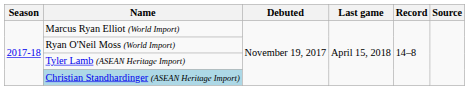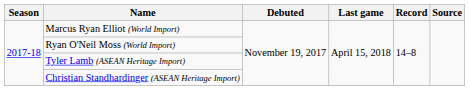 <table class="wikitable">
 <tr>
 <th>Season</th>
 <th>Name</th>
 <th>Debuted</th>
 <th>Last game</th>
 <th>Record</th>
 <th>Source</th>
 </tr>
 <tr>
 <td rowspan="4"><a href='#'>2017-18</a></td>
 <td> Marcus Ryan Elliot <small><em>(World Import)</em></small></td>
 <td rowspan="4">November 19, 2017</td>
 <td rowspan="4">April 15, 2018</td>
 <td rowspan="4">14–8</td>
 <td rowspan="4"></td>
 </tr>
 <tr>
 <td> Ryan O'Neil Moss <small><em>(World Import)</em></small></td>
 </tr>
 <tr>
 <td> <a href='#'>Tyler Lamb</a> <small><em>(ASEAN Heritage Import)</em></small></td>
 </tr>
 <tr>
-<td style="background: lightblue;"> <a href='#'>Christian Standhardinger</a> <small><em>(ASEAN Heritage Import)</em></small></td>
+<td> <a href='#'>Christian Standhardinger</a> <small><em>(ASEAN Heritage Import)</em></small></td>
 </tr>
 </table>
